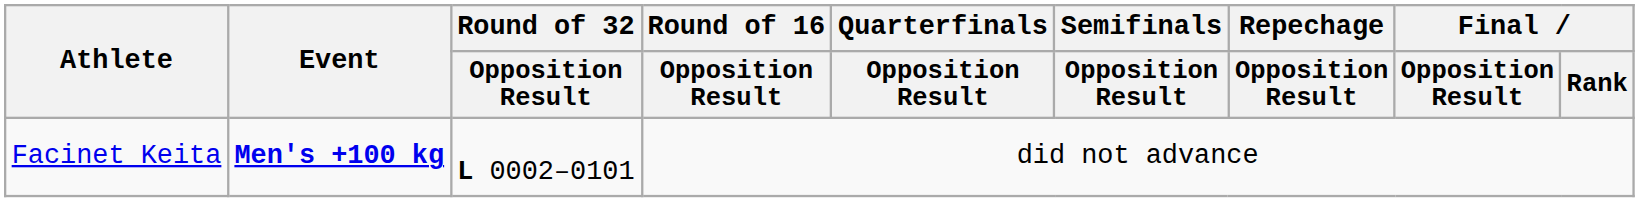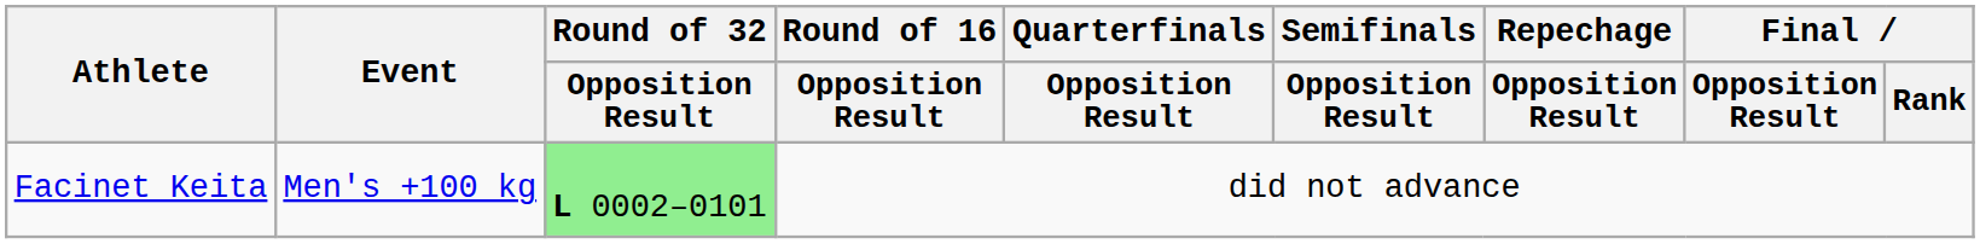 <table class="wikitable" style="font-size:90%">
 <tr>
 <th rowspan="2">Athlete</th>
 <th rowspan="2">Event</th>
 <th>Round of 32</th>
 <th>Round of 16</th>
 <th>Quarterfinals</th>
 <th>Semifinals</th>
 <th>Repechage</th>
 <th colspan=2>Final / </th>
 </tr>
 <tr style="font-size:95%">
 <th>Opposition<br>Result</th>
 <th>Opposition<br>Result</th>
 <th>Opposition<br>Result</th>
 <th>Opposition<br>Result</th>
 <th>Opposition<br>Result</th>
 <th>Opposition<br>Result</th>
 <th>Rank</th>
 </tr>
 <tr align=center>
 <td align=left><a href='#'>Facinet Keita</a></td>
-<td align=left><strong><a href='#'>Men's +100 kg</a></strong></td>
-<td><br><strong>L</strong> 0002–0101</td>
+<td align=left><a href='#'>Men's +100 kg</a></td>
+<td style="background: lightgreen;"><br><strong>L</strong> 0002–0101</td>
 <td colspan=6>did not advance</td>
 </tr>
 </table>
